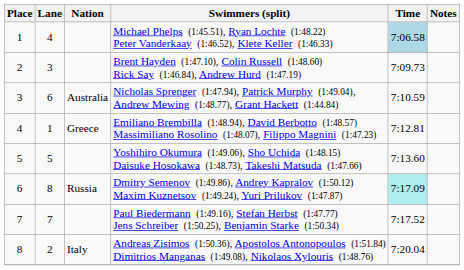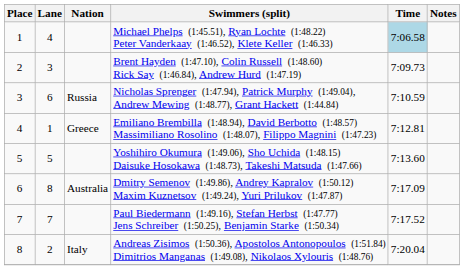 <table class="wikitable sortable" style="text-align:center">
 <tr>
 <th>Place</th>
 <th>Lane</th>
 <th>Nation</th>
 <th>Swimmers (split)</th>
 <th>Time</th>
 <th>Notes</th>
 </tr>
 <tr>
 <td>1</td>
 <td>4</td>
 <td align=left></td>
 <td align=left><a href='#'>Michael Phelps</a>  <small>(1:45.51)</small>, <a href='#'>Ryan Lochte</a>  <small>(1:48.22)</small><br> <a href='#'>Peter Vanderkaay</a>  <small>(1:46.52)</small>, <a href='#'>Klete Keller</a>  <small>(1:46.33)</small></td>
 <td style="background: lightblue;">7:06.58</td>
 <td></td>
 </tr>
 <tr>
 <td>2</td>
 <td>3</td>
 <td align=left></td>
 <td align=left><a href='#'>Brent Hayden</a>  <small>(1:47.10)</small>, <a href='#'>Colin Russell</a>  <small>(1:48.60)</small><br> <a href='#'>Rick Say</a>  <small>(1:46.84)</small>, <a href='#'>Andrew Hurd</a>  <small>(1:47.19)</small></td>
 <td>7:09.73</td>
 <td></td>
 </tr>
 <tr>
 <td>3</td>
 <td>6</td>
-<td align=left> Australia</td>
+<td align=left> Russia</td>
 <td align=left><a href='#'>Nicholas Sprenger</a>  <small>(1:47.94)</small>, <a href='#'>Patrick Murphy</a>  <small>(1:49.04)</small>, <br> <a href='#'>Andrew Mewing</a>  <small>(1:48.77)</small>, <a href='#'>Grant Hackett</a>  <small>(1:44.84)</small></td>
 <td>7:10.59</td>
 <td></td>
 </tr>
 <tr>
 <td>4</td>
 <td>1</td>
 <td align=left> Greece</td>
 <td align=left><a href='#'>Emiliano Brembilla</a>  <small>(1:48.94)</small>, <a href='#'>David Berbotto</a>  <small>(1:48.57)</small><br> <a href='#'>Massimiliano Rosolino</a>  <small>(1:48.07)</small>, <a href='#'>Filippo Magnini</a>  <small>(1:47.23)</small></td>
 <td>7:12.81</td>
 <td></td>
 </tr>
 <tr>
 <td>5</td>
 <td>5</td>
 <td align=left></td>
 <td align=left><a href='#'>Yoshihiro Okumura</a>  <small>(1:49.06)</small>, <a href='#'>Sho Uchida</a>  <small>(1:48.15)</small><br> <a href='#'>Daisuke Hosokawa</a>  <small>(1:48.73)</small>, <a href='#'>Takeshi Matsuda</a>  <small>(1:47.66)</small></td>
 <td>7:13.60</td>
 <td></td>
 </tr>
 <tr>
 <td>6</td>
 <td>8</td>
-<td align=left> Russia</td>
+<td align=left> Australia</td>
 <td align=left><a href='#'>Dmitry Semenov</a>  <small>(1:49.86)</small>, <a href='#'>Andrey Kapralov</a>  <small>(1:50.12)</small><br> <a href='#'>Maxim Kuznetsov</a>  <small>(1:49.24)</small>, <a href='#'>Yuri Prilukov</a>  <small>(1:47.87)</small></td>
-<td style="background: paleturquoise;">7:17.09</td>
+<td>7:17.09</td>
 <td></td>
 </tr>
 <tr>
 <td>7</td>
 <td>7</td>
 <td align=left></td>
 <td align=left><a href='#'>Paul Biedermann</a>  <small>(1:49.16)</small>, <a href='#'>Stefan Herbst</a>  <small>(1:47.77)</small><br> <a href='#'>Jens Schreiber</a>  <small>(1:50.25)</small>, <a href='#'>Benjamin Starke</a>  <small>(1:50.34)</small></td>
 <td>7:17.52</td>
 <td></td>
 </tr>
 <tr>
 <td>8</td>
 <td>2</td>
 <td align=left> Italy</td>
 <td align=left><a href='#'>Andreas Zisimos</a>  <small>(1:50.36)</small>, <a href='#'>Apostolos Antonopoulos</a>  <small>(1:51.84)</small><br> <a href='#'>Dimitrios Manganas</a>  <small>(1:49.08)</small>, <a href='#'>Nikolaos Xylouris</a>  <small>(1:48.76)</small></td>
 <td>7:20.04</td>
 <td></td>
 </tr>
 <tr>
 </tr>
 </table>
